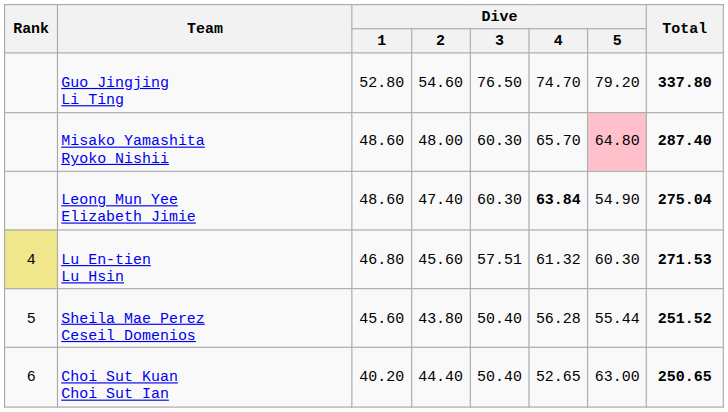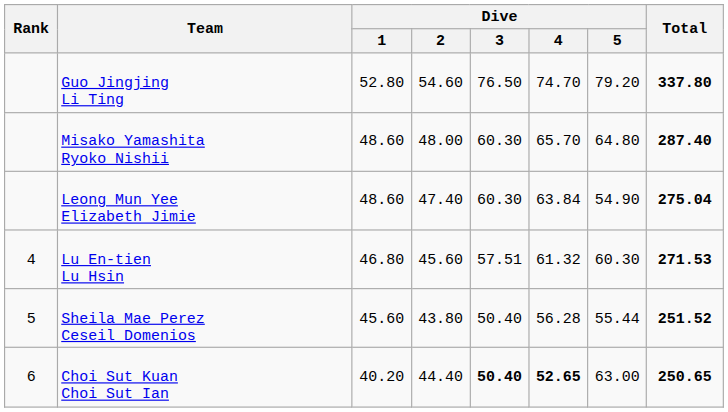 <table class=wikitable style="text-align:center">
 <tr>
 <th rowspan="2" width=40>Rank</th>
 <th rowspan="2" width=250>Team</th>
 <th colspan="5">Dive</th>
 <th rowspan="2" width=60>Total</th>
 </tr>
 <tr>
 <th width=45>1</th>
 <th width=45>2</th>
 <th width=45>3</th>
 <th width=45>4</th>
 <th width=45>5</th>
 </tr>
 <tr>
 <td></td>
 <td align=left><br><a href='#'>Guo Jingjing</a><br><a href='#'>Li Ting</a></td>
 <td>52.80</td>
 <td>54.60</td>
 <td>76.50</td>
 <td>74.70</td>
 <td>79.20</td>
 <td><strong>337.80</strong></td>
 </tr>
 <tr>
 <td></td>
 <td align=left><br><a href='#'>Misako Yamashita</a><br><a href='#'>Ryoko Nishii</a></td>
 <td>48.60</td>
 <td>48.00</td>
 <td>60.30</td>
 <td>65.70</td>
-<td style="background: pink;">64.80</td>
+<td>64.80</td>
 <td><strong>287.40</strong></td>
 </tr>
 <tr>
 <td></td>
 <td align=left><br><a href='#'>Leong Mun Yee</a><br><a href='#'>Elizabeth Jimie</a></td>
 <td>48.60</td>
 <td>47.40</td>
 <td>60.30</td>
-<td><strong>63.84</strong></td>
+<td>63.84</td>
 <td>54.90</td>
 <td><strong>275.04</strong></td>
 </tr>
 <tr>
-<td style="background: khaki;">4</td>
+<td>4</td>
 <td align=left><br><a href='#'>Lu En-tien</a><br><a href='#'>Lu Hsin</a></td>
 <td>46.80</td>
 <td>45.60</td>
 <td>57.51</td>
 <td>61.32</td>
 <td>60.30</td>
 <td><strong>271.53</strong></td>
 </tr>
 <tr>
 <td>5</td>
 <td align=left><br><a href='#'>Sheila Mae Perez</a><br><a href='#'>Ceseil Domenios</a></td>
 <td>45.60</td>
 <td>43.80</td>
 <td>50.40</td>
 <td>56.28</td>
 <td>55.44</td>
 <td><strong>251.52</strong></td>
 </tr>
 <tr>
 <td>6</td>
 <td align=left><br><a href='#'>Choi Sut Kuan</a><br><a href='#'>Choi Sut Ian</a></td>
 <td>40.20</td>
 <td>44.40</td>
-<td>50.40</td>
-<td>52.65</td>
+<td><strong>50.40</strong></td>
+<td><strong>52.65</strong></td>
 <td>63.00</td>
 <td><strong>250.65</strong></td>
 </tr>
 </table>
